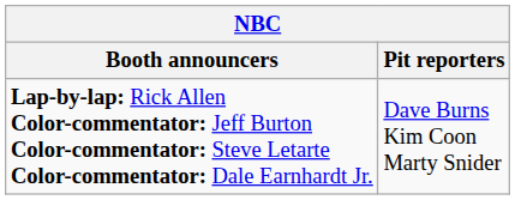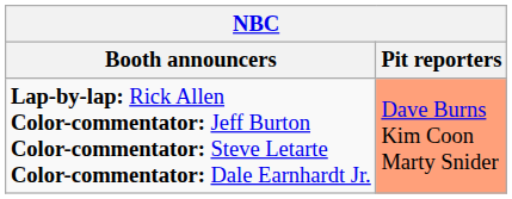 <table class="wikitable" style="font-size: 95%">
 <tr>
 <th colspan="2"><a href='#'>NBC</a></th>
 </tr>
 <tr>
 <th>Booth announcers</th>
 <th>Pit reporters</th>
 </tr>
 <tr>
 <td><strong>Lap-by-lap:</strong> <a href='#'>Rick Allen</a><br><strong>Color-commentator:</strong> <a href='#'>Jeff Burton</a><br><strong>Color-commentator:</strong> <a href='#'>Steve Letarte</a><br><strong>Color-commentator:</strong> <a href='#'>Dale Earnhardt Jr.</a></td>
-<td><a href='#'>Dave Burns</a><br>Kim Coon<br>Marty Snider</td>
+<td style="background: lightsalmon;"><a href='#'>Dave Burns</a><br>Kim Coon<br>Marty Snider</td>
 </tr>
 </table>
